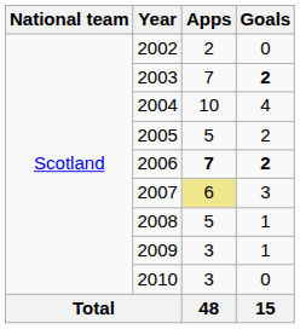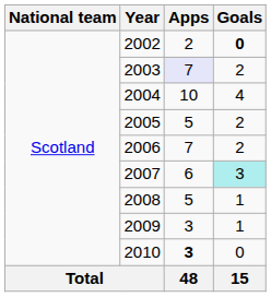 <table class="wikitable" style="text-align:center">
 <tr>
 <th>National team</th>
 <th>Year</th>
 <th>Apps</th>
 <th>Goals</th>
 </tr>
 <tr>
 <td rowspan="9"><a href='#'>Scotland</a></td>
 <td>2002</td>
 <td>2</td>
-<td>0</td>
+<td><strong>0</strong></td>
 </tr>
 <tr>
 <td>2003</td>
-<td>7</td>
-<td><strong>2</strong></td>
+<td style="background: lavender;">7</td>
+<td>2</td>
 </tr>
 <tr>
 <td>2004</td>
 <td>10</td>
 <td>4</td>
 </tr>
 <tr>
 <td>2005</td>
 <td>5</td>
 <td>2</td>
 </tr>
 <tr>
 <td>2006</td>
-<td><strong>7</strong></td>
-<td><strong>2</strong></td>
+<td>7</td>
+<td>2</td>
 </tr>
 <tr>
 <td>2007</td>
-<td style="background: khaki;">6</td>
-<td>3</td>
+<td>6</td>
+<td style="background: paleturquoise;">3</td>
 </tr>
 <tr>
 <td>2008</td>
 <td>5</td>
 <td>1</td>
 </tr>
 <tr>
 <td>2009</td>
 <td>3</td>
 <td>1</td>
 </tr>
 <tr>
 <td>2010</td>
-<td>3</td>
+<td><strong>3</strong></td>
 <td>0</td>
 </tr>
 <tr>
 <th colspan="2">Total</th>
 <th>48</th>
 <th>15</th>
 </tr>
 </table>
